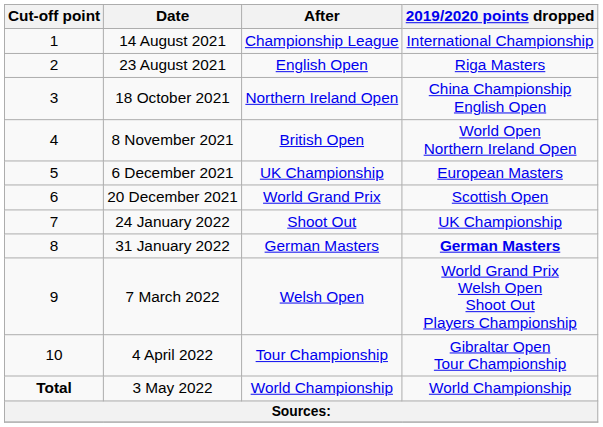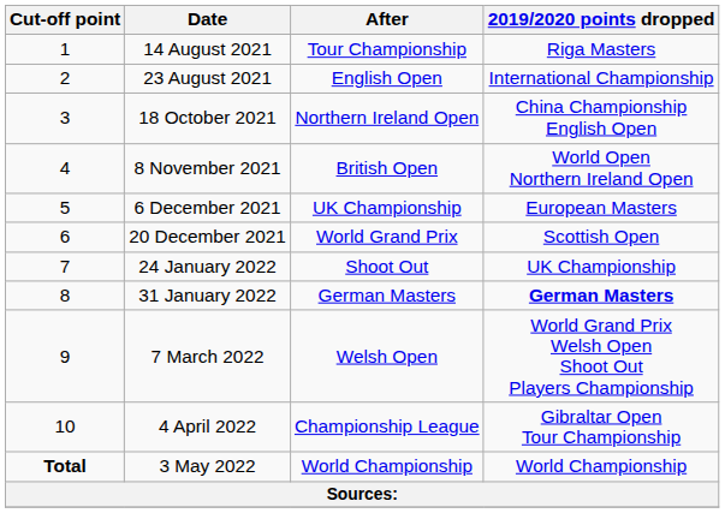 <table class="wikitable" style="text-align: center;">
 <tr>
 <th>Cut-off point</th>
 <th>Date</th>
 <th>After</th>
 <th><a href='#'>2019/2020 points</a> dropped</th>
 </tr>
 <tr>
 <td>1</td>
 <td>14 August 2021</td>
-<td><a href='#'>Championship League</a></td>
-<td><a href='#'>International Championship</a></td>
+<td><a href='#'>Tour Championship</a></td>
+<td><a href='#'>Riga Masters</a></td>
 </tr>
 <tr>
 <td>2</td>
 <td>23 August 2021</td>
 <td><a href='#'>English Open</a></td>
-<td><a href='#'>Riga Masters</a></td>
+<td><a href='#'>International Championship</a></td>
 </tr>
 <tr>
 <td>3</td>
 <td>18 October 2021</td>
 <td><a href='#'>Northern Ireland Open</a></td>
 <td><a href='#'>China Championship</a><br><a href='#'>English Open</a></td>
 </tr>
 <tr>
 <td>4</td>
 <td>8 November 2021</td>
 <td><a href='#'>British Open</a></td>
 <td><a href='#'>World Open</a><br><a href='#'>Northern Ireland Open</a></td>
 </tr>
 <tr>
 <td>5</td>
 <td>6 December 2021</td>
 <td><a href='#'>UK Championship</a></td>
 <td><a href='#'>European Masters</a></td>
 </tr>
 <tr>
 <td>6</td>
 <td>20 December 2021</td>
 <td><a href='#'>World Grand Prix</a></td>
 <td><a href='#'>Scottish Open</a></td>
 </tr>
 <tr>
 <td>7</td>
 <td>24 January 2022</td>
 <td><a href='#'>Shoot Out</a></td>
 <td><a href='#'>UK Championship</a></td>
 </tr>
 <tr>
 <td>8</td>
 <td>31 January 2022</td>
 <td><a href='#'>German Masters</a></td>
 <td><strong><a href='#'>German Masters</a></strong></td>
 </tr>
 <tr>
 <td>9</td>
 <td>7 March 2022</td>
 <td><a href='#'>Welsh Open</a></td>
 <td><a href='#'>World Grand Prix</a><br><a href='#'>Welsh Open</a><br><a href='#'>Shoot Out</a><br><a href='#'>Players Championship</a></td>
 </tr>
 <tr>
 <td>10</td>
 <td>4 April 2022</td>
-<td><a href='#'>Tour Championship</a></td>
+<td><a href='#'>Championship League</a></td>
 <td><a href='#'>Gibraltar Open</a><br><a href='#'>Tour Championship</a></td>
 </tr>
 <tr>
 <td><strong>Total</strong></td>
 <td>3 May 2022</td>
 <td><a href='#'>World Championship</a></td>
 <td><a href='#'>World Championship</a></td>
 </tr>
 <tr>
 <th colspan="4" style="text-align:center; font-size:90%;">Sources:</th>
 </tr>
 <tr>
 </tr>
 </table>
